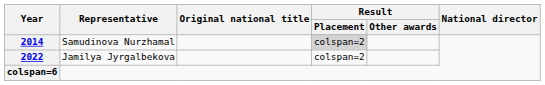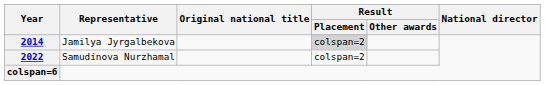 <table class="wikitable defaultcenter col2left col6left" style="font-size:95%;">
 <tr>
 <th rowspan=2>Year</th>
 <th rowspan=2>Representative</th>
 <th rowspan=2>Original national title</th>
 <th colspan=2>Result</th>
 <th rowspan=2>National director</th>
 </tr>
 <tr>
 <th>Placement</th>
 <th>Other awards</th>
 </tr>
 <tr>
 <th><a href='#'>2014</a></th>
-<td>Samudinova Nurzhamal</td>
+<td>Jamilya Jyrgalbekova</td>
 <td></td>
 <td style="background: lightgrey;">colspan=2 </td>
 <td></td>
 </tr>
 <tr>
 <th><a href='#'>2022</a></th>
-<td>Jamilya Jyrgalbekova</td>
+<td>Samudinova Nurzhamal</td>
 <td></td>
 <td>colspan=2 </td>
 <td></td>
 </tr>
 <tr>
 <th>colspan=6 </th>
 </tr>
 </table>
